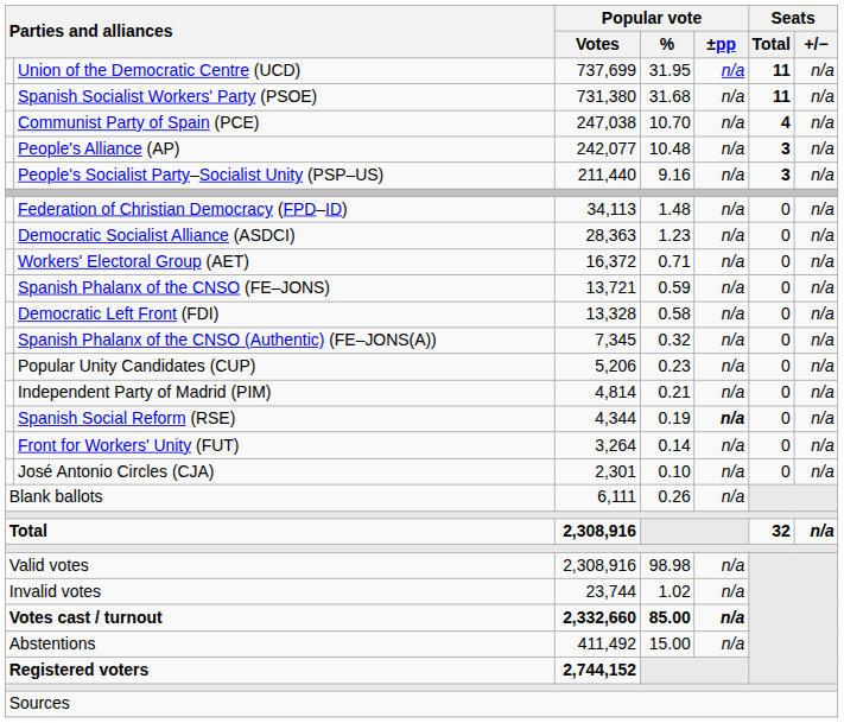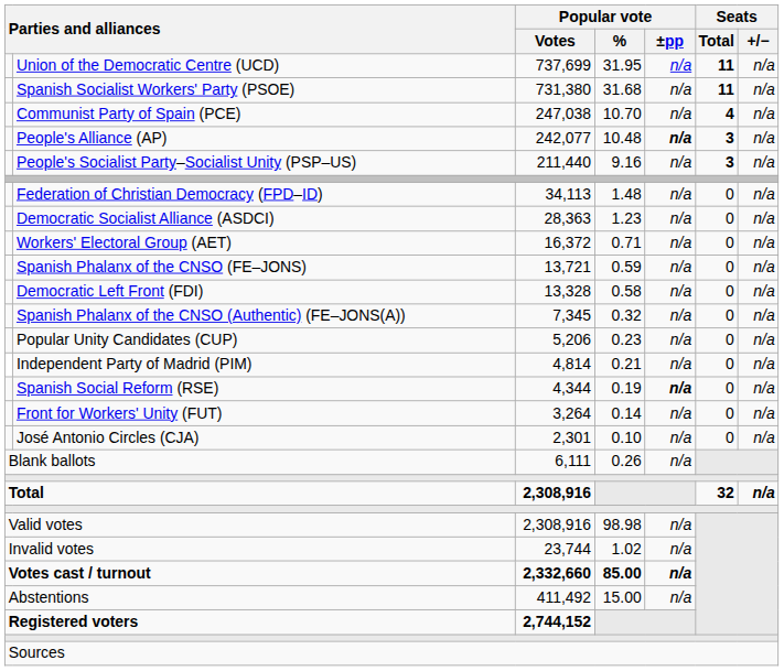 <table class="wikitable" style="text-align:right;">
 <tr>
 <th style="text-align:left;" rowspan="2" colspan="2" width="525">Parties and alliances</th>
 <th colspan="3">Popular vote</th>
 <th colspan="2">Seats</th>
 </tr>
 <tr>
 <th width="75">Votes</th>
 <th width="45">%</th>
 <th width="45">±<a href='#'>pp</a></th>
 <th width="35">Total</th>
 <th width="35">+/−</th>
 </tr>
 <tr>
 <td width="1" style="color:inherit;background:"></td>
 <td align="left"><a href='#'>Union of the Democratic Centre</a> (UCD)</td>
 <td>737,699</td>
 <td>31.95</td>
 <td><em><a href='#'>n/a</a></em></td>
 <td><strong>11</strong></td>
 <td><em>n/a</em></td>
 </tr>
 <tr>
 <td style="color:inherit;background:"></td>
 <td align="left"><a href='#'>Spanish Socialist Workers' Party</a> (PSOE)</td>
 <td>731,380</td>
 <td>31.68</td>
 <td><em>n/a</em></td>
 <td><strong>11</strong></td>
 <td><em>n/a</em></td>
 </tr>
 <tr>
 <td style="color:inherit;background:"></td>
 <td align="left"><a href='#'>Communist Party of Spain</a> (PCE)</td>
 <td>247,038</td>
 <td>10.70</td>
 <td><em>n/a</em></td>
 <td><strong>4</strong></td>
 <td><em>n/a</em></td>
 </tr>
 <tr>
 <td style="color:inherit;background:"></td>
 <td align="left"><a href='#'>People's Alliance</a> (AP)</td>
 <td>242,077</td>
 <td>10.48</td>
-<td><em>n/a</em></td>
+<td><strong><em>n/a</em></strong></td>
 <td><strong>3</strong></td>
 <td><em>n/a</em></td>
 </tr>
 <tr>
 <td style="color:inherit;background:"></td>
 <td align="left"><a href='#'>People's Socialist Party</a>–<a href='#'>Socialist Unity</a> (PSP–US)</td>
 <td>211,440</td>
 <td>9.16</td>
 <td><em>n/a</em></td>
 <td><strong>3</strong></td>
 <td><em>n/a</em></td>
 </tr>
 <tr>
 <td colspan="7" bgcolor="#C0C0C0"></td>
 </tr>
 <tr>
 <td style="color:inherit;background:"></td>
 <td align="left"><a href='#'>Federation of Christian Democracy</a> (<a href='#'>FPD</a>–<a href='#'>ID</a>)</td>
 <td>34,113</td>
 <td>1.48</td>
 <td><em>n/a</em></td>
 <td>0</td>
 <td><em>n/a</em></td>
 </tr>
 <tr>
 <td style="color:inherit;background:"></td>
 <td align="left"><a href='#'>Democratic Socialist Alliance</a> (ASDCI)</td>
 <td>28,363</td>
 <td>1.23</td>
 <td><em>n/a</em></td>
 <td>0</td>
 <td><em>n/a</em></td>
 </tr>
 <tr>
 <td style="color:inherit;background:"></td>
 <td align="left"><a href='#'>Workers' Electoral Group</a> (AET)</td>
 <td>16,372</td>
 <td>0.71</td>
 <td><em>n/a</em></td>
 <td>0</td>
 <td><em>n/a</em></td>
 </tr>
 <tr>
 <td style="color:inherit;background:"></td>
 <td align="left"><a href='#'>Spanish Phalanx of the CNSO</a> (FE–JONS)</td>
 <td>13,721</td>
 <td>0.59</td>
 <td><em>n/a</em></td>
 <td>0</td>
 <td><em>n/a</em></td>
 </tr>
 <tr>
 <td style="color:inherit;background:"></td>
 <td align="left"><a href='#'>Democratic Left Front</a> (FDI)</td>
 <td>13,328</td>
 <td>0.58</td>
 <td><em>n/a</em></td>
 <td>0</td>
 <td><em>n/a</em></td>
 </tr>
 <tr>
 <td style="color:inherit;background:"></td>
 <td align="left"><a href='#'>Spanish Phalanx of the CNSO (Authentic)</a> (FE–JONS(A))</td>
 <td>7,345</td>
 <td>0.32</td>
 <td><em>n/a</em></td>
 <td>0</td>
 <td><em>n/a</em></td>
 </tr>
 <tr>
 <td style="color:inherit;background:"></td>
 <td align="left">Popular Unity Candidates (CUP)</td>
 <td>5,206</td>
 <td>0.23</td>
 <td><em>n/a</em></td>
 <td>0</td>
 <td><em>n/a</em></td>
 </tr>
 <tr>
 <td bgcolor="white"></td>
 <td align="left">Independent Party of Madrid (PIM)</td>
 <td>4,814</td>
 <td>0.21</td>
 <td><em>n/a</em></td>
 <td>0</td>
 <td><em>n/a</em></td>
 </tr>
 <tr>
 <td style="color:inherit;background:"></td>
 <td align="left"><a href='#'>Spanish Social Reform</a> (RSE)</td>
 <td>4,344</td>
 <td>0.19</td>
 <td><strong><em>n/a</em></strong></td>
 <td>0</td>
 <td><em>n/a</em></td>
 </tr>
 <tr>
 <td style="color:inherit;background:"></td>
 <td align="left"><a href='#'>Front for Workers' Unity</a> (FUT)</td>
 <td>3,264</td>
 <td>0.14</td>
 <td><em>n/a</em></td>
 <td>0</td>
 <td><em>n/a</em></td>
 </tr>
 <tr>
 <td style="color:inherit;background:"></td>
 <td align="left">José Antonio Circles (CJA)</td>
 <td>2,301</td>
 <td>0.10</td>
 <td><em>n/a</em></td>
 <td>0</td>
 <td><em>n/a</em></td>
 </tr>
 <tr>
 <td align="left" colspan="2">Blank ballots</td>
 <td>6,111</td>
 <td>0.26</td>
 <td><em>n/a</em></td>
 <td bgcolor="#E9E9E9" colspan="2"></td>
 </tr>
 <tr>
 <td colspan="7" bgcolor="#E9E9E9"></td>
 </tr>
 <tr style="font-weight:bold;">
 <td align="left" colspan="2">Total</td>
 <td>2,308,916</td>
 <td bgcolor="#E9E9E9" colspan="2"></td>
 <td>32</td>
 <td><em>n/a</em></td>
 </tr>
 <tr>
 <td colspan="7" bgcolor="#E9E9E9"></td>
 </tr>
 <tr>
 <td align="left" colspan="2">Valid votes</td>
 <td>2,308,916</td>
 <td>98.98</td>
 <td><em>n/a</em></td>
 <td bgcolor="#E9E9E9" colspan="2" rowspan="5"></td>
 </tr>
 <tr>
 <td align="left" colspan="2">Invalid votes</td>
 <td>23,744</td>
 <td>1.02</td>
 <td><em>n/a</em></td>
 </tr>
 <tr style="font-weight:bold;">
 <td align="left" colspan="2">Votes cast / turnout</td>
 <td>2,332,660</td>
 <td>85.00</td>
 <td><em>n/a</em></td>
 </tr>
 <tr>
 <td align="left" colspan="2">Abstentions</td>
 <td>411,492</td>
 <td>15.00</td>
 <td><em>n/a</em></td>
 </tr>
 <tr style="font-weight:bold;">
 <td align="left" colspan="2">Registered voters</td>
 <td>2,744,152</td>
 <td bgcolor="#E9E9E9" colspan="2"></td>
 </tr>
 <tr>
 <td colspan="7" bgcolor="#E9E9E9"></td>
 </tr>
 <tr>
 <td align="left" colspan="7">Sources</td>
 </tr>
 </table>
